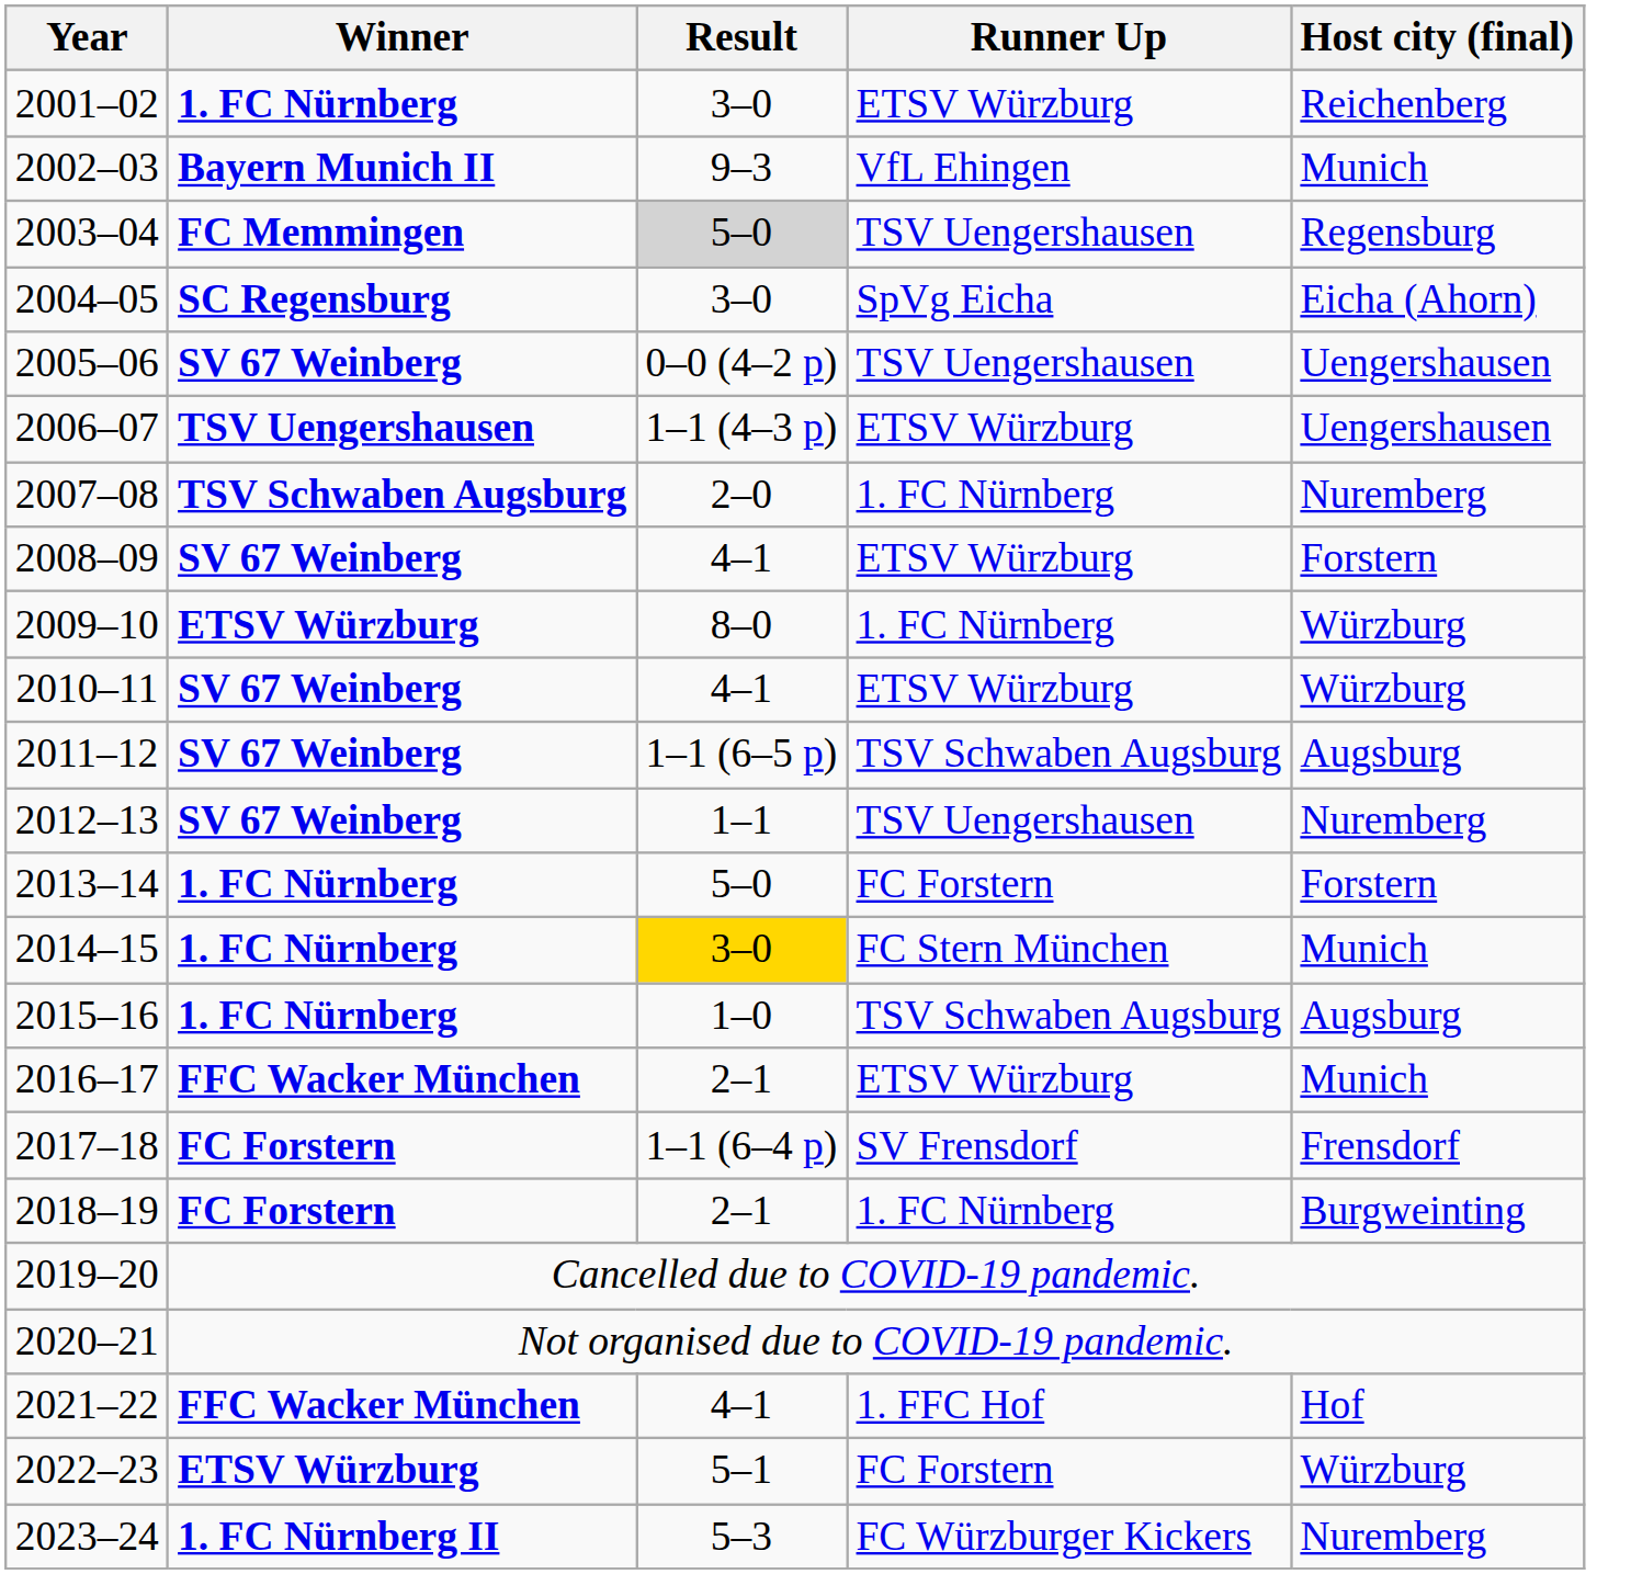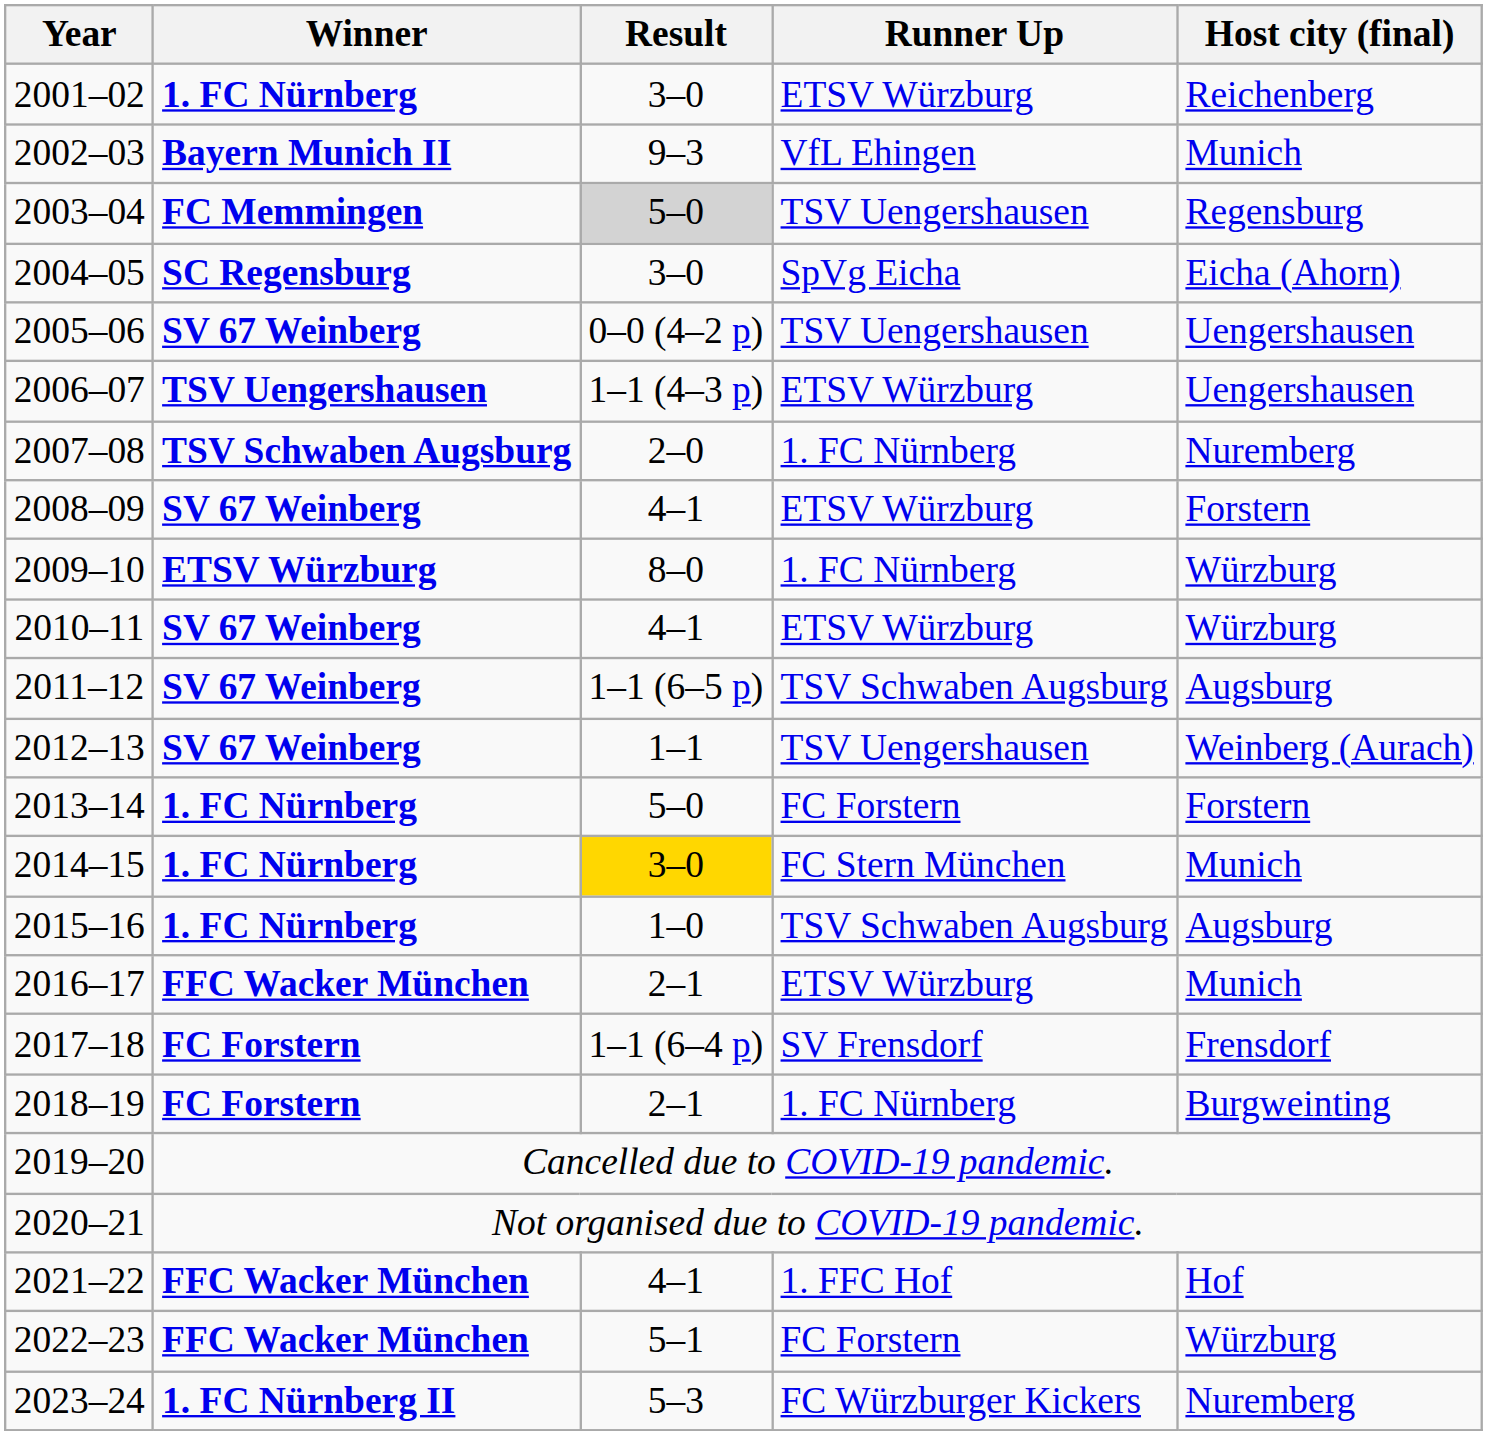 <table class="sortable wikitable">
 <tr>
 <th>Year</th>
 <th>Winner</th>
 <th>Result</th>
 <th>Runner Up</th>
 <th>Host city (final)</th>
 </tr>
 <tr>
 <td align=center>2001–02</td>
 <td><strong><a href='#'>1. FC Nürnberg</a></strong></td>
 <td align=center>3–0</td>
 <td><a href='#'>ETSV Würzburg</a></td>
 <td><a href='#'>Reichenberg</a></td>
 </tr>
 <tr>
 <td align=center>2002–03</td>
 <td><strong><a href='#'>Bayern Munich II</a></strong></td>
 <td align=center>9–3</td>
 <td><a href='#'>VfL Ehingen</a></td>
 <td><a href='#'>Munich</a></td>
 </tr>
 <tr>
 <td align=center>2003–04</td>
 <td><strong><a href='#'>FC Memmingen</a></strong></td>
 <td align=center style="background: lightgrey;">5–0</td>
 <td><a href='#'>TSV Uengershausen</a></td>
 <td><a href='#'>Regensburg</a></td>
 </tr>
 <tr>
 <td align=center>2004–05</td>
 <td><strong><a href='#'>SC Regensburg</a></strong></td>
 <td align=center>3–0</td>
 <td><a href='#'>SpVg Eicha</a></td>
 <td><a href='#'>Eicha (Ahorn)</a></td>
 </tr>
 <tr>
 <td align=center>2005–06</td>
 <td><strong><a href='#'>SV 67 Weinberg</a></strong></td>
 <td align=center>0–0 (4–2 <a href='#'>p</a>)</td>
 <td><a href='#'>TSV Uengershausen</a></td>
 <td><a href='#'>Uengershausen</a></td>
 </tr>
 <tr>
 <td align=center>2006–07</td>
 <td><strong><a href='#'>TSV Uengershausen</a></strong></td>
 <td align=center>1–1 (4–3 <a href='#'>p</a>)</td>
 <td><a href='#'>ETSV Würzburg</a></td>
 <td><a href='#'>Uengershausen</a></td>
 </tr>
 <tr>
 <td align=center>2007–08</td>
 <td><strong><a href='#'>TSV Schwaben Augsburg</a></strong></td>
 <td align=center>2–0</td>
 <td><a href='#'>1. FC Nürnberg</a></td>
 <td><a href='#'>Nuremberg</a></td>
 </tr>
 <tr>
 <td align=center>2008–09</td>
 <td><strong><a href='#'>SV 67 Weinberg</a></strong></td>
 <td align=center>4–1</td>
 <td><a href='#'>ETSV Würzburg</a></td>
 <td><a href='#'>Forstern</a></td>
 </tr>
 <tr>
 <td align=center>2009–10</td>
 <td><strong><a href='#'>ETSV Würzburg</a></strong></td>
 <td align=center>8–0</td>
 <td><a href='#'>1. FC Nürnberg</a></td>
 <td><a href='#'>Würzburg</a></td>
 </tr>
 <tr>
 <td align=center>2010–11</td>
 <td><strong><a href='#'>SV 67 Weinberg</a></strong></td>
 <td align=center>4–1</td>
 <td><a href='#'>ETSV Würzburg</a></td>
 <td><a href='#'>Würzburg</a></td>
 </tr>
 <tr>
 <td align=center>2011–12</td>
 <td><strong><a href='#'>SV 67 Weinberg</a></strong></td>
 <td align=center>1–1 (6–5 <a href='#'>p</a>)</td>
 <td><a href='#'>TSV Schwaben Augsburg</a></td>
 <td><a href='#'>Augsburg</a></td>
 </tr>
 <tr>
 <td align=center>2012–13</td>
 <td><strong><a href='#'>SV 67 Weinberg</a></strong></td>
 <td align=center>1–1</td>
 <td><a href='#'>TSV Uengershausen</a></td>
-<td><a href='#'>Nuremberg</a></td>
+<td><a href='#'>Weinberg (Aurach)</a></td>
 </tr>
 <tr>
 <td align=center>2013–14</td>
 <td><strong><a href='#'>1. FC Nürnberg</a></strong></td>
 <td align=center>5–0</td>
 <td><a href='#'>FC Forstern⁠</a></td>
 <td><a href='#'>Forstern</a></td>
 </tr>
 <tr>
 <td align=center>2014–15</td>
 <td><strong><a href='#'>1. FC Nürnberg</a></strong></td>
 <td align=center style="background: gold;">3–0</td>
 <td><a href='#'>FC Stern München</a></td>
 <td><a href='#'>Munich</a></td>
 </tr>
 <tr>
 <td align=center>2015–16</td>
 <td><strong><a href='#'>1. FC Nürnberg</a></strong></td>
 <td align=center>1–0</td>
 <td><a href='#'>TSV Schwaben Augsburg</a></td>
 <td><a href='#'>Augsburg</a></td>
 </tr>
 <tr>
 <td align=center>2016–17</td>
 <td><strong><a href='#'>FFC Wacker München</a></strong></td>
 <td align=center>2–1</td>
 <td><a href='#'>ETSV Würzburg</a></td>
 <td><a href='#'>Munich</a></td>
 </tr>
 <tr>
 <td align=center>2017–18</td>
 <td><strong><a href='#'>FC Forstern</a></strong></td>
 <td align=center>1–1 (6–4 <a href='#'>p</a>)</td>
 <td><a href='#'>SV Frensdorf</a></td>
 <td><a href='#'>Frensdorf</a></td>
 </tr>
 <tr>
 <td align=center>2018–19</td>
 <td><strong><a href='#'>FC Forstern</a></strong></td>
 <td align=center>2–1</td>
 <td><a href='#'>1. FC Nürnberg</a></td>
 <td><a href='#'>Burgweinting</a></td>
 </tr>
 <tr>
 <td align=center>2019–20</td>
 <td colspan="4" align="center"><em>Cancelled due to <a href='#'>COVID-19 pandemic</a>.</em></td>
 </tr>
 <tr>
 <td align=center>2020–21</td>
 <td colspan="4" align="center"><em>Not organised due to <a href='#'>COVID-19 pandemic</a>.</em></td>
 </tr>
 <tr>
 <td align=center>2021–22</td>
 <td><strong><a href='#'>FFC Wacker München</a></strong></td>
 <td align=center>4–1</td>
 <td><a href='#'>1. FFC Hof</a></td>
 <td><a href='#'>Hof</a></td>
 </tr>
 <tr>
 <td align=center>2022–23</td>
-<td><strong><a href='#'>ETSV Würzburg</a></strong></td>
+<td><strong><a href='#'>FFC Wacker München</a></strong></td>
 <td align=center>5–1</td>
 <td><a href='#'>FC Forstern</a></td>
 <td><a href='#'>Würzburg</a></td>
 </tr>
 <tr>
 <td align=center>2023–24</td>
 <td><strong><a href='#'>1. FC Nürnberg II</a></strong></td>
 <td align=center>5–3</td>
 <td><a href='#'>FC Würzburger Kickers</a></td>
 <td><a href='#'>Nuremberg</a></td>
 </tr>
 </table>
